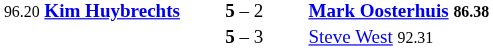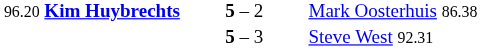 <table style="text-align:center">
 <tr>
 <th width=223></th>
 <th width=100></th>
 <th width=223></th>
 </tr>
 <tr>
 <td align=right><small><span>96.20</span></small> <strong><a href='#'>Kim Huybrechts</a></strong> </td>
 <td><strong>5</strong> – 2</td>
-<td align=left><strong> <a href='#'>Mark Oosterhuis</a> <small><span>86.38</span></small></strong></td>
+<td align=left> <a href='#'>Mark Oosterhuis</a> <small><span>86.38</span></small></td>
 </tr>
 <tr>
 <td align=right></td>
 <td><strong>5</strong> – 3</td>
 <td align=left> <a href='#'>Steve West</a> <small><span>92.31</span></small></td>
 </tr>
 </table>
